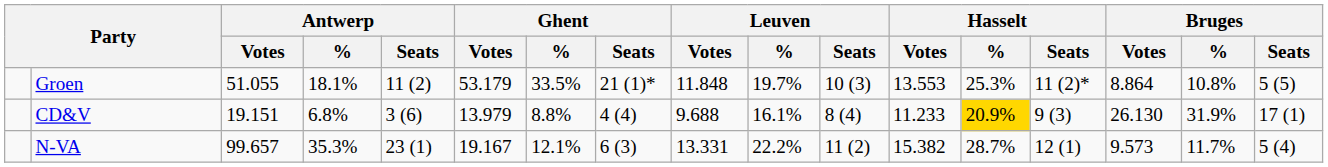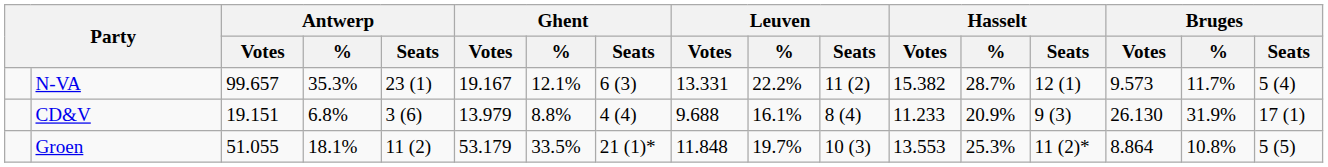 <table class="wikitable sortable" style="font-size:95%;">
 <tr>
 <th style="width:14%;" colspan="2" rowspan="2">Party</th>
 <th style="width:15%;" colspan="3"> Antwerp</th>
 <th style="width:14%;" colspan="3"> Ghent</th>
 <th style="width:14%;" colspan="3"> Leuven</th>
 <th style="width:14%;" colspan="3"> Hasselt</th>
 <th style="width:14%;" colspan="3"> Bruges</th>
 </tr>
 <tr>
 <th>Votes</th>
 <th>%</th>
 <th>Seats</th>
 <th>Votes</th>
 <th>%</th>
 <th>Seats</th>
 <th>Votes</th>
 <th>%</th>
 <th>Seats</th>
 <th>Votes</th>
 <th>%</th>
 <th>Seats</th>
 <th>Votes</th>
 <th>%</th>
 <th>Seats</th>
 </tr>
 <tr>
 <td style="background-color: "></td>
+<td><a href='#'>N-VA</a></td>
+<td>99.657</td>
+<td>35.3%</td>
+<td>23 (1)</td>
+<td>19.167</td>
+<td>12.1%</td>
+<td>6 (3)</td>
+<td>13.331</td>
+<td>22.2%</td>
+<td>11 (2)</td>
+<td>15.382</td>
+<td>28.7%</td>
+<td>12 (1)</td>
+<td>9.573</td>
+<td>11.7%</td>
+<td>5 (4)</td>
+</tr>
+<tr>
+<td style="background-color: "></td>
+<td><a href='#'>CD&V</a></td>
+<td>19.151</td>
+<td>6.8%</td>
+<td>3 (6)</td>
+<td>13.979</td>
+<td>8.8%</td>
+<td>4 (4)</td>
+<td>9.688</td>
+<td>16.1%</td>
+<td>8 (4)</td>
+<td>11.233</td>
+<td>20.9%</td>
+<td>9 (3)</td>
+<td>26.130</td>
+<td>31.9%</td>
+<td>17 (1)</td>
+</tr>
+<tr>
+<td style="background-color: "></td>
 <td><a href='#'>Groen</a></td>
 <td>51.055</td>
 <td>18.1%</td>
 <td>11 (2)</td>
 <td>53.179</td>
 <td>33.5%</td>
 <td>21 (1)*</td>
 <td>11.848</td>
 <td>19.7%</td>
 <td>10 (3)</td>
 <td>13.553</td>
 <td>25.3%</td>
 <td>11 (2)*</td>
 <td>8.864</td>
 <td>10.8%</td>
 <td>5 (5)</td>
 </tr>
-<tr>
-<td style="background-color: "></td>
-<td><a href='#'>CD&V</a></td>
-<td>19.151</td>
-<td>6.8%</td>
-<td>3 (6)</td>
-<td>13.979</td>
-<td>8.8%</td>
-<td>4 (4)</td>
-<td>9.688</td>
-<td>16.1%</td>
-<td>8 (4)</td>
-<td>11.233</td>
-<td style="background: gold;">20.9%</td>
-<td>9 (3)</td>
-<td>26.130</td>
-<td>31.9%</td>
-<td>17 (1)</td>
-</tr>
-<tr>
-<td style="background-color: "></td>
-<td><a href='#'>N-VA</a></td>
-<td>99.657</td>
-<td>35.3%</td>
-<td>23 (1)</td>
-<td>19.167</td>
-<td>12.1%</td>
-<td>6 (3)</td>
-<td>13.331</td>
-<td>22.2%</td>
-<td>11 (2)</td>
-<td>15.382</td>
-<td>28.7%</td>
-<td>12 (1)</td>
-<td>9.573</td>
-<td>11.7%</td>
-<td>5 (4)</td>
-</tr>
 </table>
